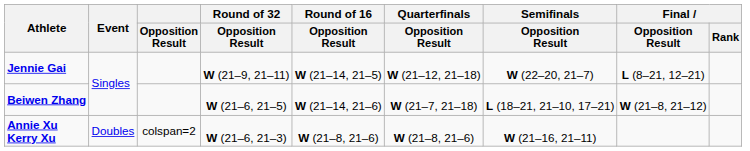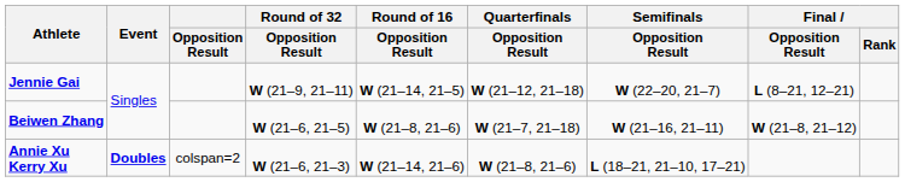 <table class=wikitable style=font-size:90%;text-align:center>
 <tr>
 <th rowspan=2>Athlete</th>
 <th rowspan=2>Event</th>
 <th></th>
 <th>Round of 32</th>
 <th>Round of 16</th>
 <th>Quarterfinals</th>
 <th>Semifinals</th>
 <th colspan=2>Final / </th>
 </tr>
 <tr style=font-size:95%>
 <th>Opposition<br>Result</th>
 <th>Opposition<br>Result</th>
 <th>Opposition<br>Result</th>
 <th>Opposition<br>Result</th>
 <th>Opposition<br>Result</th>
 <th>Opposition<br>Result</th>
 <th>Rank</th>
 </tr>
 <tr>
 <td align=left><strong><a href='#'>Jennie Gai</a></strong></td>
 <td align=left rowspan=2><a href='#'>Singles</a></td>
 <td></td>
 <td><br><strong>W</strong> (21–9, 21–11)</td>
 <td><br><strong>W</strong> (21–14, 21–5)</td>
 <td><br><strong>W</strong> (21–12, 21–18)</td>
 <td><br><strong>W</strong> (22–20, 21–7)</td>
 <td><br><strong>L</strong> (8–21, 12–21)</td>
 <td></td>
 </tr>
 <tr>
 <td align=left><strong><a href='#'>Beiwen Zhang</a></strong></td>
 <td></td>
 <td><br><strong>W</strong> (21–6, 21–5)</td>
-<td><br><strong>W</strong> (21–14, 21–6)</td>
+<td><br><strong>W</strong> (21–8, 21–6)</td>
 <td><br><strong>W</strong> (21–7, 21–18)</td>
-<td><br><strong>L</strong> (18–21, 21–10, 17–21)</td>
+<td><br><strong>W</strong> (21–16, 21–11)</td>
 <td><br><strong>W</strong> (21–8, 21–12)</td>
 <td></td>
 </tr>
 <tr>
 <td align=left><strong><a href='#'>Annie Xu</a><br><a href='#'>Kerry Xu</a></strong></td>
-<td align=left><a href='#'>Doubles</a></td>
+<td align=left><strong><a href='#'>Doubles</a></strong></td>
 <td>colspan=2 </td>
 <td><br><strong>W</strong> (21–6, 21–3)</td>
+<td><br><strong>W</strong> (21–14, 21–6)</td>
 <td><br><strong>W</strong> (21–8, 21–6)</td>
-<td><br><strong>W</strong> (21–8, 21–6)</td>
-<td><br><strong>W</strong> (21–16, 21–11)</td>
+<td><br><strong>L</strong> (18–21, 21–10, 17–21)</td>
 <td></td>
 </tr>
 </table>
